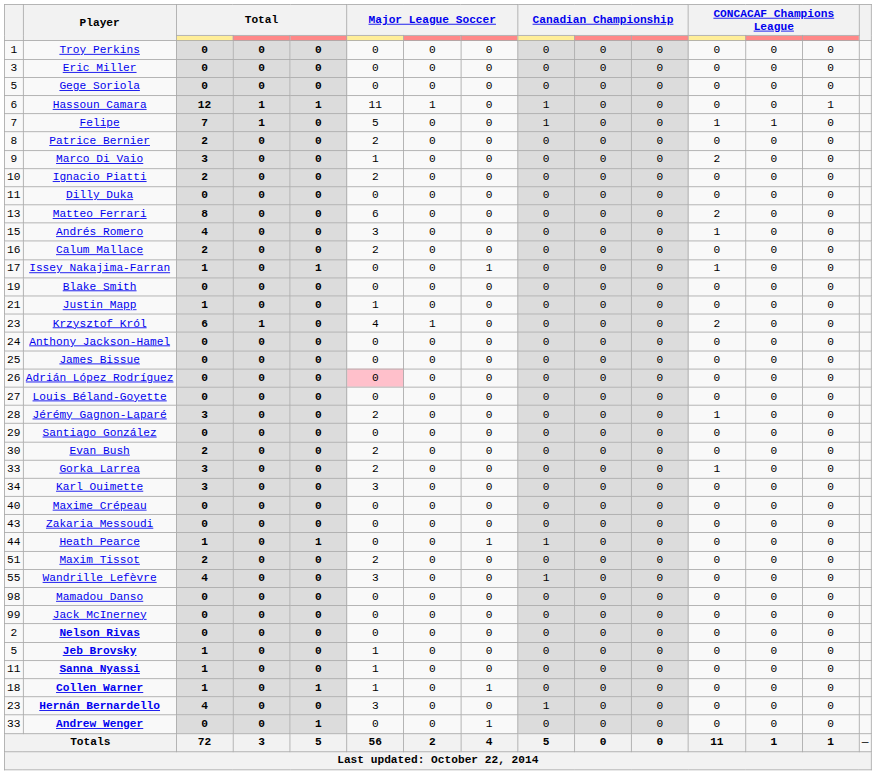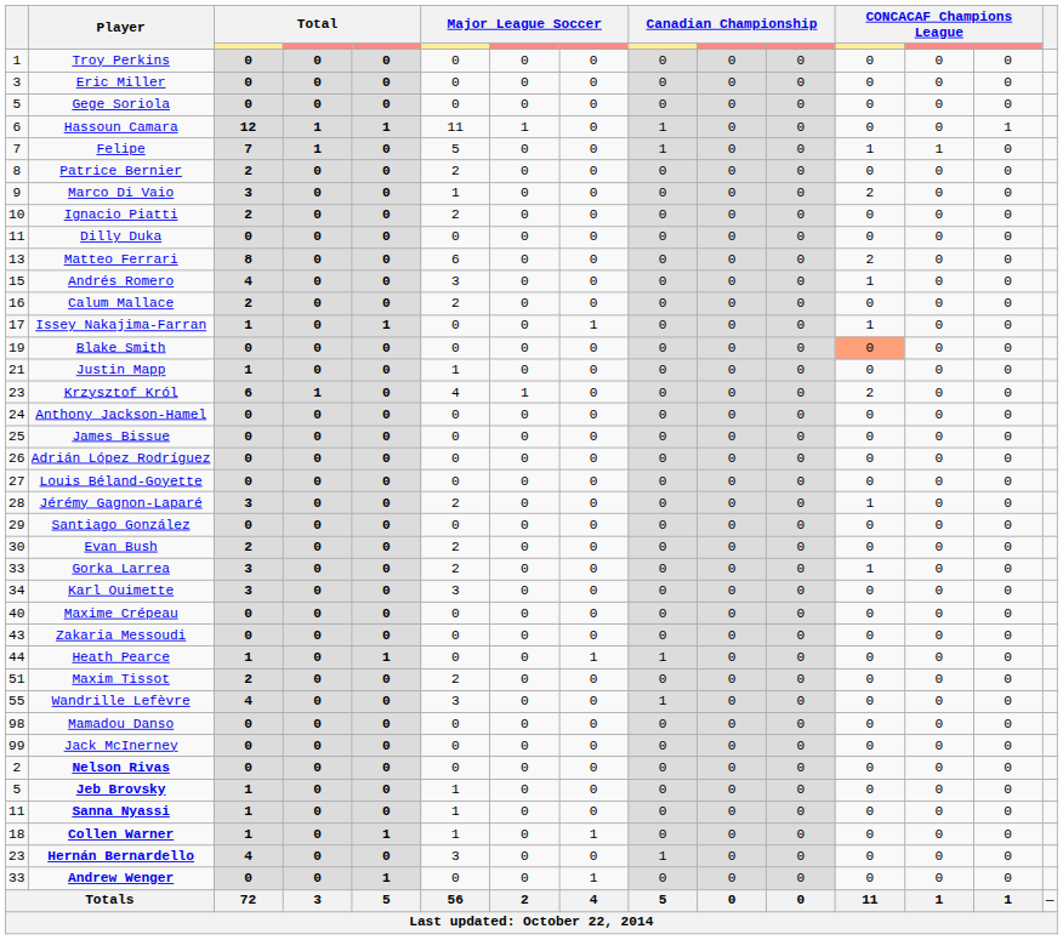 <table class="wikitable" style="text-align:center;">
 <tr style="text-align:center;">
 <th rowspan=2></th>
 <th rowspan=2>Player</th>
 <th colspan=3>Total</th>
 <th colspan=3><a href='#'>Major League Soccer</a></th>
 <th colspan=3><a href='#'>Canadian Championship</a></th>
 <th colspan=3><a href='#'>CONCACAF Champions League</a></th>
 <th rowspan=2></th>
 </tr>
 <tr>
 <th style="width:60px; background:#fe9;"></th>
 <th style="width:60px; background:#ff8888;"></th>
 <th style="width:60px; background:#ff8888;"></th>
 <th style="width:60px; background:#fe9;"></th>
 <th style="width:60px; background:#ff8888;"></th>
 <th style="width:60px; background:#ff8888;"></th>
 <th style="width:60px; background:#fe9;"></th>
 <th style="width:60px; background:#ff8888;"></th>
 <th style="width:60px; background:#ff8888;"></th>
 <th style="width:60px; background:#fe9;"></th>
 <th style="width:60px; background:#ff8888;"></th>
 <th style="width:60px; background:#ff8888;"></th>
 </tr>
 <tr>
 <td>1</td>
 <td><a href='#'>Troy Perkins</a></td>
 <td style="background:#DCDCDC"><strong>0</strong> </td>
 <td style="background:#DCDCDC"><strong>0</strong> </td>
 <td style="background:#DCDCDC"><strong>0</strong> </td>
 <td>0 </td>
 <td>0 </td>
 <td>0 </td>
 <td style="background:#DCDCDC">0 </td>
 <td style="background:#DCDCDC">0 </td>
 <td style="background:#DCDCDC">0 </td>
 <td>0 </td>
 <td>0 </td>
 <td>0 </td>
 <td></td>
 </tr>
 <tr>
 <td>3</td>
 <td><a href='#'>Eric Miller</a></td>
 <td style="background:#DCDCDC"><strong>0</strong> </td>
 <td style="background:#DCDCDC"><strong>0</strong> </td>
 <td style="background:#DCDCDC"><strong>0</strong> </td>
 <td>0 </td>
 <td>0 </td>
 <td>0 </td>
 <td style="background:#DCDCDC">0 </td>
 <td style="background:#DCDCDC">0 </td>
 <td style="background:#DCDCDC">0 </td>
 <td>0 </td>
 <td>0 </td>
 <td>0 </td>
 <td></td>
 </tr>
 <tr>
 <td>5</td>
 <td><a href='#'>Gege Soriola</a></td>
 <td style="background:#DCDCDC"><strong>0</strong> </td>
 <td style="background:#DCDCDC"><strong>0</strong> </td>
 <td style="background:#DCDCDC"><strong>0</strong> </td>
 <td>0 </td>
 <td>0 </td>
 <td>0 </td>
 <td style="background:#DCDCDC">0 </td>
 <td style="background:#DCDCDC">0 </td>
 <td style="background:#DCDCDC">0 </td>
 <td>0 </td>
 <td>0 </td>
 <td>0 </td>
 <td></td>
 </tr>
 <tr>
 <td>6</td>
 <td><a href='#'>Hassoun Camara</a></td>
 <td style="background:#DCDCDC"><strong>12</strong> </td>
 <td style="background:#DCDCDC"><strong>1</strong> </td>
 <td style="background:#DCDCDC"><strong>1</strong> </td>
 <td>11 </td>
 <td>1 </td>
 <td>0 </td>
 <td style="background:#DCDCDC">1 </td>
 <td style="background:#DCDCDC">0 </td>
 <td style="background:#DCDCDC">0 </td>
 <td>0 </td>
 <td>0 </td>
 <td>1 </td>
 <td></td>
 </tr>
 <tr>
 <td>7</td>
 <td><a href='#'>Felipe</a></td>
 <td style="background:#DCDCDC"><strong>7</strong> </td>
 <td style="background:#DCDCDC"><strong>1</strong> </td>
 <td style="background:#DCDCDC"><strong>0</strong> </td>
 <td>5 </td>
 <td>0 </td>
 <td>0 </td>
 <td style="background:#DCDCDC">1 </td>
 <td style="background:#DCDCDC">0 </td>
 <td style="background:#DCDCDC">0 </td>
 <td>1 </td>
 <td>1 </td>
 <td>0 </td>
 <td></td>
 </tr>
 <tr>
 <td>8</td>
 <td><a href='#'>Patrice Bernier</a></td>
 <td style="background:#DCDCDC"><strong>2</strong> </td>
 <td style="background:#DCDCDC"><strong>0</strong> </td>
 <td style="background:#DCDCDC"><strong>0</strong> </td>
 <td>2 </td>
 <td>0 </td>
 <td>0 </td>
 <td style="background:#DCDCDC">0 </td>
 <td style="background:#DCDCDC">0 </td>
 <td style="background:#DCDCDC">0 </td>
 <td>0 </td>
 <td>0 </td>
 <td>0 </td>
 <td></td>
 </tr>
 <tr>
 <td>9</td>
 <td><a href='#'>Marco Di Vaio</a></td>
 <td style="background:#DCDCDC"><strong>3</strong> </td>
 <td style="background:#DCDCDC"><strong>0</strong> </td>
 <td style="background:#DCDCDC"><strong>0</strong> </td>
 <td>1 </td>
 <td>0 </td>
 <td>0 </td>
 <td style="background:#DCDCDC">0 </td>
 <td style="background:#DCDCDC">0 </td>
 <td style="background:#DCDCDC">0 </td>
 <td>2 </td>
 <td>0 </td>
 <td>0 </td>
 <td></td>
 </tr>
 <tr>
 <td>10</td>
 <td><a href='#'>Ignacio Piatti</a></td>
 <td style="background:#DCDCDC"><strong>2</strong> </td>
 <td style="background:#DCDCDC"><strong>0</strong> </td>
 <td style="background:#DCDCDC"><strong>0</strong> </td>
 <td>2 </td>
 <td>0 </td>
 <td>0 </td>
 <td style="background:#DCDCDC">0 </td>
 <td style="background:#DCDCDC">0 </td>
 <td style="background:#DCDCDC">0 </td>
 <td>0 </td>
 <td>0 </td>
 <td>0 </td>
 <td></td>
 </tr>
 <tr>
 <td>11</td>
 <td><a href='#'>Dilly Duka</a></td>
 <td style="background:#DCDCDC"><strong>0</strong> </td>
 <td style="background:#DCDCDC"><strong>0</strong> </td>
 <td style="background:#DCDCDC"><strong>0</strong> </td>
 <td>0 </td>
 <td>0 </td>
 <td>0 </td>
 <td style="background:#DCDCDC">0 </td>
 <td style="background:#DCDCDC">0 </td>
 <td style="background:#DCDCDC">0 </td>
 <td>0 </td>
 <td>0 </td>
 <td>0 </td>
 <td></td>
 </tr>
 <tr>
 <td>13</td>
 <td><a href='#'>Matteo Ferrari</a></td>
 <td style="background:#DCDCDC"><strong>8</strong> </td>
 <td style="background:#DCDCDC"><strong>0</strong> </td>
 <td style="background:#DCDCDC"><strong>0</strong> </td>
 <td>6 </td>
 <td>0 </td>
 <td>0 </td>
 <td style="background:#DCDCDC">0 </td>
 <td style="background:#DCDCDC">0 </td>
 <td style="background:#DCDCDC">0 </td>
 <td>2 </td>
 <td>0 </td>
 <td>0 </td>
 <td></td>
 </tr>
 <tr>
 <td>15</td>
 <td><a href='#'>Andrés Romero</a></td>
 <td style="background:#DCDCDC"><strong>4</strong> </td>
 <td style="background:#DCDCDC"><strong>0</strong> </td>
 <td style="background:#DCDCDC"><strong>0</strong> </td>
 <td>3 </td>
 <td>0 </td>
 <td>0 </td>
 <td style="background:#DCDCDC">0 </td>
 <td style="background:#DCDCDC">0 </td>
 <td style="background:#DCDCDC">0 </td>
 <td>1 </td>
 <td>0 </td>
 <td>0 </td>
 <td></td>
 </tr>
 <tr>
 <td>16</td>
 <td><a href='#'>Calum Mallace</a></td>
 <td style="background:#DCDCDC"><strong>2</strong> </td>
 <td style="background:#DCDCDC"><strong>0</strong> </td>
 <td style="background:#DCDCDC"><strong>0</strong> </td>
 <td>2 </td>
 <td>0 </td>
 <td>0 </td>
 <td style="background:#DCDCDC">0 </td>
 <td style="background:#DCDCDC">0 </td>
 <td style="background:#DCDCDC">0 </td>
 <td>0 </td>
 <td>0 </td>
 <td>0 </td>
 <td></td>
 </tr>
 <tr>
 <td>17</td>
 <td><a href='#'>Issey Nakajima-Farran</a></td>
 <td style="background:#DCDCDC"><strong>1</strong> </td>
 <td style="background:#DCDCDC"><strong>0</strong> </td>
 <td style="background:#DCDCDC"><strong>1</strong> </td>
 <td>0 </td>
 <td>0 </td>
 <td>1 </td>
 <td style="background:#DCDCDC">0 </td>
 <td style="background:#DCDCDC">0 </td>
 <td style="background:#DCDCDC">0 </td>
 <td>1 </td>
 <td>0 </td>
 <td>0 </td>
 <td></td>
 </tr>
 <tr>
 <td>19</td>
 <td><a href='#'>Blake Smith</a></td>
 <td style="background:#DCDCDC"><strong>0</strong> </td>
 <td style="background:#DCDCDC"><strong>0</strong> </td>
 <td style="background:#DCDCDC"><strong>0</strong> </td>
 <td>0 </td>
 <td>0 </td>
 <td>0 </td>
 <td style="background:#DCDCDC">0 </td>
 <td style="background:#DCDCDC">0 </td>
 <td style="background:#DCDCDC">0 </td>
-<td>0 </td>
+<td style="background: lightsalmon;">0 </td>
 <td>0 </td>
 <td>0 </td>
 <td></td>
 </tr>
 <tr>
 <td>21</td>
 <td><a href='#'>Justin Mapp</a></td>
 <td style="background:#DCDCDC"><strong>1</strong> </td>
 <td style="background:#DCDCDC"><strong>0</strong> </td>
 <td style="background:#DCDCDC"><strong>0</strong> </td>
 <td>1 </td>
 <td>0 </td>
 <td>0 </td>
 <td style="background:#DCDCDC">0 </td>
 <td style="background:#DCDCDC">0 </td>
 <td style="background:#DCDCDC">0 </td>
 <td>0 </td>
 <td>0 </td>
 <td>0 </td>
 <td></td>
 </tr>
 <tr>
 <td>23</td>
 <td><a href='#'>Krzysztof Król</a></td>
 <td style="background:#DCDCDC"><strong>6</strong> </td>
 <td style="background:#DCDCDC"><strong>1</strong> </td>
 <td style="background:#DCDCDC"><strong>0</strong> </td>
 <td>4 </td>
 <td>1 </td>
 <td>0 </td>
 <td style="background:#DCDCDC">0 </td>
 <td style="background:#DCDCDC">0 </td>
 <td style="background:#DCDCDC">0 </td>
 <td>2 </td>
 <td>0 </td>
 <td>0 </td>
 <td></td>
 </tr>
 <tr>
 <td>24</td>
 <td><a href='#'>Anthony Jackson-Hamel</a></td>
 <td style="background:#DCDCDC"><strong>0</strong> </td>
 <td style="background:#DCDCDC"><strong>0</strong> </td>
 <td style="background:#DCDCDC"><strong>0</strong> </td>
 <td>0 </td>
 <td>0 </td>
 <td>0 </td>
 <td style="background:#DCDCDC">0 </td>
 <td style="background:#DCDCDC">0 </td>
 <td style="background:#DCDCDC">0 </td>
 <td>0 </td>
 <td>0 </td>
 <td>0 </td>
 <td></td>
 </tr>
 <tr>
 <td>25</td>
 <td><a href='#'>James Bissue</a></td>
 <td style="background:#DCDCDC"><strong>0</strong> </td>
 <td style="background:#DCDCDC"><strong>0</strong> </td>
 <td style="background:#DCDCDC"><strong>0</strong> </td>
 <td>0 </td>
 <td>0 </td>
 <td>0 </td>
 <td style="background:#DCDCDC">0 </td>
 <td style="background:#DCDCDC">0 </td>
 <td style="background:#DCDCDC">0 </td>
 <td>0 </td>
 <td>0 </td>
 <td>0 </td>
 <td></td>
 </tr>
 <tr>
 <td>26</td>
 <td><a href='#'>Adrián López Rodríguez</a></td>
 <td style="background:#DCDCDC"><strong>0</strong> </td>
 <td style="background:#DCDCDC"><strong>0</strong> </td>
 <td style="background:#DCDCDC"><strong>0</strong> </td>
-<td style="background: pink;">0 </td>
+<td>0 </td>
 <td>0 </td>
 <td>0 </td>
 <td style="background:#DCDCDC">0 </td>
 <td style="background:#DCDCDC">0 </td>
 <td style="background:#DCDCDC">0 </td>
 <td>0 </td>
 <td>0 </td>
 <td>0 </td>
 <td></td>
 </tr>
 <tr>
 <td>27</td>
 <td><a href='#'>Louis Béland-Goyette</a></td>
 <td style="background:#DCDCDC"><strong>0</strong> </td>
 <td style="background:#DCDCDC"><strong>0</strong> </td>
 <td style="background:#DCDCDC"><strong>0</strong> </td>
 <td>0 </td>
 <td>0 </td>
 <td>0 </td>
 <td style="background:#DCDCDC">0 </td>
 <td style="background:#DCDCDC">0 </td>
 <td style="background:#DCDCDC">0 </td>
 <td>0 </td>
 <td>0 </td>
 <td>0 </td>
 <td></td>
 </tr>
 <tr>
 <td>28</td>
 <td><a href='#'>Jérémy Gagnon-Laparé</a></td>
 <td style="background:#DCDCDC"><strong>3</strong> </td>
 <td style="background:#DCDCDC"><strong>0</strong> </td>
 <td style="background:#DCDCDC"><strong>0</strong> </td>
 <td>2 </td>
 <td>0 </td>
 <td>0 </td>
 <td style="background:#DCDCDC">0 </td>
 <td style="background:#DCDCDC">0 </td>
 <td style="background:#DCDCDC">0 </td>
 <td>1 </td>
 <td>0 </td>
 <td>0 </td>
 <td></td>
 </tr>
 <tr>
 <td>29</td>
 <td><a href='#'>Santiago González</a></td>
 <td style="background:#DCDCDC"><strong>0</strong> </td>
 <td style="background:#DCDCDC"><strong>0</strong> </td>
 <td style="background:#DCDCDC"><strong>0</strong> </td>
 <td>0 </td>
 <td>0 </td>
 <td>0 </td>
 <td style="background:#DCDCDC">0 </td>
 <td style="background:#DCDCDC">0 </td>
 <td style="background:#DCDCDC">0 </td>
 <td>0 </td>
 <td>0 </td>
 <td>0 </td>
 <td></td>
 </tr>
 <tr>
 <td>30</td>
 <td><a href='#'>Evan Bush</a></td>
 <td style="background:#DCDCDC"><strong>2</strong> </td>
 <td style="background:#DCDCDC"><strong>0</strong> </td>
 <td style="background:#DCDCDC"><strong>0</strong> </td>
 <td>2 </td>
 <td>0 </td>
 <td>0 </td>
 <td style="background:#DCDCDC">0 </td>
 <td style="background:#DCDCDC">0 </td>
 <td style="background:#DCDCDC">0 </td>
 <td>0 </td>
 <td>0 </td>
 <td>0 </td>
 <td></td>
 </tr>
 <tr>
 <td>33</td>
 <td><a href='#'>Gorka Larrea</a></td>
 <td style="background:#DCDCDC"><strong>3</strong> </td>
 <td style="background:#DCDCDC"><strong>0</strong> </td>
 <td style="background:#DCDCDC"><strong>0</strong> </td>
 <td>2 </td>
 <td>0 </td>
 <td>0 </td>
 <td style="background:#DCDCDC">0 </td>
 <td style="background:#DCDCDC">0 </td>
 <td style="background:#DCDCDC">0 </td>
 <td>1 </td>
 <td>0 </td>
 <td>0 </td>
 <td></td>
 </tr>
 <tr>
 <td>34</td>
 <td><a href='#'>Karl Ouimette</a></td>
 <td style="background:#DCDCDC"><strong>3</strong> </td>
 <td style="background:#DCDCDC"><strong>0</strong> </td>
 <td style="background:#DCDCDC"><strong>0</strong> </td>
 <td>3 </td>
 <td>0 </td>
 <td>0 </td>
 <td style="background:#DCDCDC">0 </td>
 <td style="background:#DCDCDC">0 </td>
 <td style="background:#DCDCDC">0 </td>
 <td>0 </td>
 <td>0 </td>
 <td>0 </td>
 <td></td>
 </tr>
 <tr>
 <td>40</td>
 <td><a href='#'>Maxime Crépeau</a></td>
 <td style="background:#DCDCDC"><strong>0</strong> </td>
 <td style="background:#DCDCDC"><strong>0</strong> </td>
 <td style="background:#DCDCDC"><strong>0</strong> </td>
 <td>0 </td>
 <td>0 </td>
 <td>0 </td>
 <td style="background:#DCDCDC">0 </td>
 <td style="background:#DCDCDC">0 </td>
 <td style="background:#DCDCDC">0 </td>
 <td>0 </td>
 <td>0 </td>
 <td>0 </td>
 <td></td>
 </tr>
 <tr>
 <td>43</td>
 <td><a href='#'>Zakaria Messoudi</a></td>
 <td style="background:#DCDCDC"><strong>0</strong> </td>
 <td style="background:#DCDCDC"><strong>0</strong> </td>
 <td style="background:#DCDCDC"><strong>0</strong> </td>
 <td>0 </td>
 <td>0 </td>
 <td>0 </td>
 <td style="background:#DCDCDC">0 </td>
 <td style="background:#DCDCDC">0 </td>
 <td style="background:#DCDCDC">0 </td>
 <td>0 </td>
 <td>0 </td>
 <td>0 </td>
 <td></td>
 </tr>
 <tr>
 <td>44</td>
 <td><a href='#'>Heath Pearce</a></td>
 <td style="background:#DCDCDC"><strong>1</strong> </td>
 <td style="background:#DCDCDC"><strong>0</strong> </td>
 <td style="background:#DCDCDC"><strong>1</strong> </td>
 <td>0 </td>
 <td>0 </td>
 <td>1 </td>
 <td style="background:#DCDCDC">1 </td>
 <td style="background:#DCDCDC">0 </td>
 <td style="background:#DCDCDC">0 </td>
 <td>0 </td>
 <td>0 </td>
 <td>0 </td>
 <td></td>
 </tr>
 <tr>
 <td>51</td>
 <td><a href='#'>Maxim Tissot</a></td>
 <td style="background:#DCDCDC"><strong>2</strong> </td>
 <td style="background:#DCDCDC"><strong>0</strong> </td>
 <td style="background:#DCDCDC"><strong>0</strong> </td>
 <td>2 </td>
 <td>0 </td>
 <td>0 </td>
 <td style="background:#DCDCDC">0 </td>
 <td style="background:#DCDCDC">0 </td>
 <td style="background:#DCDCDC">0 </td>
 <td>0 </td>
 <td>0 </td>
 <td>0 </td>
 <td></td>
 </tr>
 <tr>
 <td>55</td>
 <td><a href='#'>Wandrille Lefèvre</a></td>
 <td style="background:#DCDCDC"><strong>4</strong> </td>
 <td style="background:#DCDCDC"><strong>0</strong> </td>
 <td style="background:#DCDCDC"><strong>0</strong> </td>
 <td>3 </td>
 <td>0 </td>
 <td>0 </td>
 <td style="background:#DCDCDC">1 </td>
 <td style="background:#DCDCDC">0 </td>
 <td style="background:#DCDCDC">0 </td>
 <td>0 </td>
 <td>0 </td>
 <td>0 </td>
 <td></td>
 </tr>
 <tr>
 <td>98</td>
 <td><a href='#'>Mamadou Danso</a></td>
 <td style="background:#DCDCDC"><strong>0</strong> </td>
 <td style="background:#DCDCDC"><strong>0</strong> </td>
 <td style="background:#DCDCDC"><strong>0</strong> </td>
 <td>0 </td>
 <td>0 </td>
 <td>0 </td>
 <td style="background:#DCDCDC">0 </td>
 <td style="background:#DCDCDC">0 </td>
 <td style="background:#DCDCDC">0 </td>
 <td>0 </td>
 <td>0 </td>
 <td>0 </td>
 <td></td>
 </tr>
 <tr>
 <td>99</td>
 <td><a href='#'>Jack McInerney</a></td>
 <td style="background:#DCDCDC"><strong>0</strong> </td>
 <td style="background:#DCDCDC"><strong>0</strong> </td>
 <td style="background:#DCDCDC"><strong>0</strong> </td>
 <td>0 </td>
 <td>0 </td>
 <td>0 </td>
 <td style="background:#DCDCDC">0 </td>
 <td style="background:#DCDCDC">0 </td>
 <td style="background:#DCDCDC">0 </td>
 <td>0 </td>
 <td>0 </td>
 <td>0 </td>
 <td></td>
 </tr>
 <tr>
 <td>2</td>
 <td><strong><a href='#'>Nelson Rivas</a></strong></td>
 <td style="background:#DCDCDC"><strong>0</strong> </td>
 <td style="background:#DCDCDC"><strong>0</strong> </td>
 <td style="background:#DCDCDC"><strong>0</strong> </td>
 <td>0 </td>
 <td>0 </td>
 <td>0 </td>
 <td style="background:#DCDCDC">0 </td>
 <td style="background:#DCDCDC">0 </td>
 <td style="background:#DCDCDC">0 </td>
 <td>0 </td>
 <td>0 </td>
 <td>0 </td>
 <td></td>
 </tr>
 <tr>
 <td>5</td>
 <td><strong><a href='#'>Jeb Brovsky</a></strong></td>
 <td style="background:#DCDCDC"><strong>1</strong> </td>
 <td style="background:#DCDCDC"><strong>0</strong> </td>
 <td style="background:#DCDCDC"><strong>0</strong> </td>
 <td>1 </td>
 <td>0 </td>
 <td>0 </td>
 <td style="background:#DCDCDC">0 </td>
 <td style="background:#DCDCDC">0 </td>
 <td style="background:#DCDCDC">0 </td>
 <td>0 </td>
 <td>0 </td>
 <td>0 </td>
 <td></td>
 </tr>
 <tr>
 <td>11</td>
 <td><strong><a href='#'>Sanna Nyassi</a></strong></td>
 <td style="background:#DCDCDC"><strong>1</strong> </td>
 <td style="background:#DCDCDC"><strong>0</strong> </td>
 <td style="background:#DCDCDC"><strong>0</strong> </td>
 <td>1 </td>
 <td>0 </td>
 <td>0 </td>
 <td style="background:#DCDCDC">0 </td>
 <td style="background:#DCDCDC">0 </td>
 <td style="background:#DCDCDC">0 </td>
 <td>0 </td>
 <td>0 </td>
 <td>0 </td>
 <td></td>
 </tr>
 <tr>
 <td>18</td>
 <td><strong><a href='#'>Collen Warner</a></strong></td>
 <td style="background:#DCDCDC"><strong>1</strong> </td>
 <td style="background:#DCDCDC"><strong>0</strong> </td>
 <td style="background:#DCDCDC"><strong>1</strong> </td>
 <td>1 </td>
 <td>0 </td>
 <td>1 </td>
 <td style="background:#DCDCDC">0 </td>
 <td style="background:#DCDCDC">0 </td>
 <td style="background:#DCDCDC">0 </td>
 <td>0 </td>
 <td>0 </td>
 <td>0 </td>
 <td></td>
 </tr>
 <tr>
 <td>23</td>
 <td><strong><a href='#'>Hernán Bernardello</a></strong></td>
 <td style="background:#DCDCDC"><strong>4</strong> </td>
 <td style="background:#DCDCDC"><strong>0</strong> </td>
 <td style="background:#DCDCDC"><strong>0</strong> </td>
 <td>3 </td>
 <td>0 </td>
 <td>0 </td>
 <td style="background:#DCDCDC">1 </td>
 <td style="background:#DCDCDC">0 </td>
 <td style="background:#DCDCDC">0 </td>
 <td>0 </td>
 <td>0 </td>
 <td>0 </td>
 <td></td>
 </tr>
 <tr>
 <td>33</td>
 <td><strong><a href='#'>Andrew Wenger</a></strong></td>
 <td style="background:#DCDCDC"><strong>0</strong> </td>
 <td style="background:#DCDCDC"><strong>0</strong> </td>
 <td style="background:#DCDCDC"><strong>1</strong> </td>
 <td>0 </td>
 <td>0 </td>
 <td>1 </td>
 <td style="background:#DCDCDC">0 </td>
 <td style="background:#DCDCDC">0 </td>
 <td style="background:#DCDCDC">0 </td>
 <td>0 </td>
 <td>0 </td>
 <td>0 </td>
 <td></td>
 </tr>
 <tr>
 <th colspan=2>Totals</th>
 <th>72 </th>
 <th>3 </th>
 <th>5 </th>
 <th>56 </th>
 <th>2 </th>
 <th>4 </th>
 <th>5 </th>
 <th>0 </th>
 <th>0 </th>
 <th>11 </th>
 <th>1 </th>
 <th>1 </th>
 <td>—</td>
 </tr>
 <tr>
 <th colspan=17>Last updated: October 22, 2014</th>
 </tr>
 </table>
